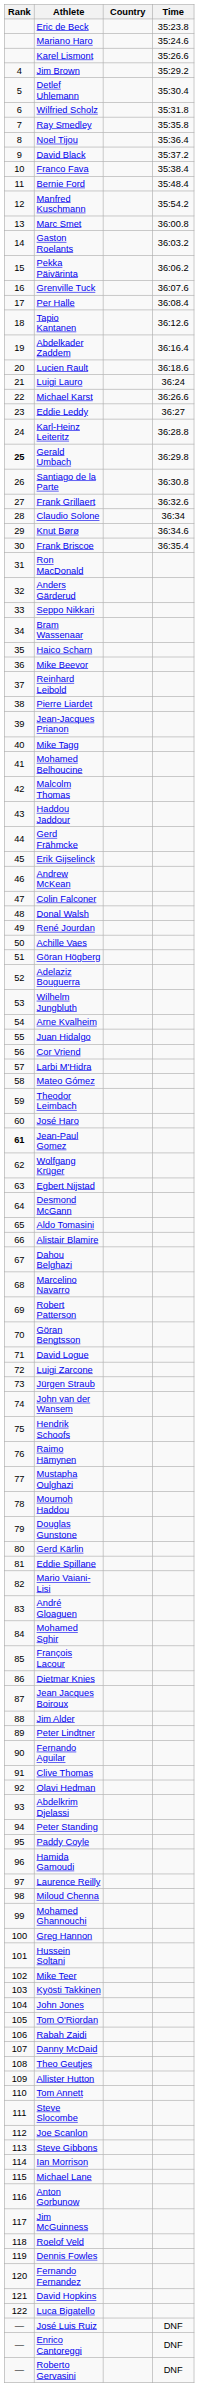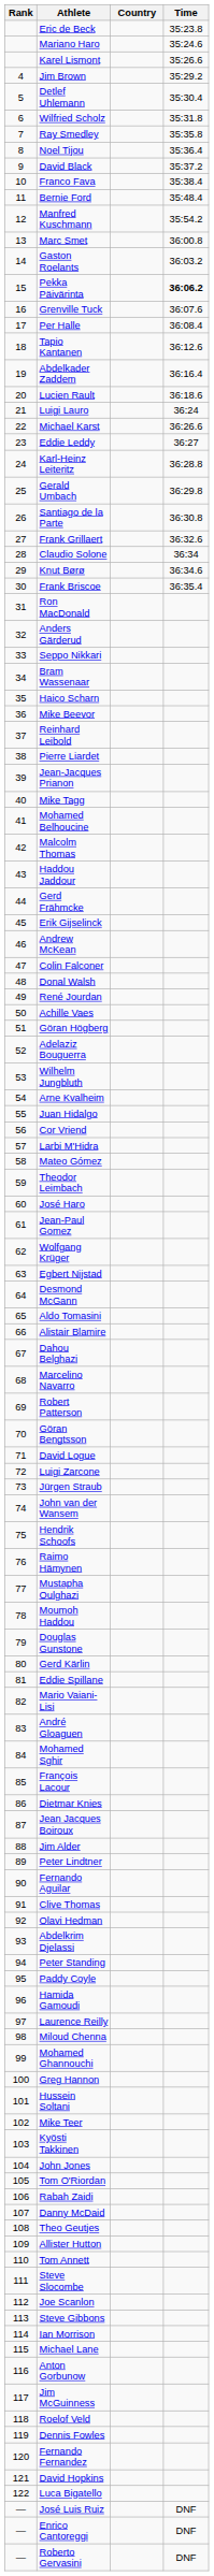 <table class="wikitable sortable" style=" text-align:center; font-size:95%;" width="50%">
 <tr>
 <th width=5%>Rank</th>
 <th width=20%>Athlete</th>
 <th width=15%>Country</th>
 <th width=10%>Time</th>
 </tr>
 <tr>
 <td align=center></td>
 <td align=left><a href='#'>Eric de Beck</a></td>
 <td align=left></td>
 <td>35:23.8</td>
 </tr>
 <tr>
 <td align=center></td>
 <td align=left><a href='#'>Mariano Haro</a></td>
 <td align=left></td>
 <td>35:24.6</td>
 </tr>
 <tr>
 <td align=center></td>
 <td align=left><a href='#'>Karel Lismont</a></td>
 <td align=left></td>
 <td>35:26.6</td>
 </tr>
 <tr>
 <td align=center>4</td>
 <td align=left><a href='#'>Jim Brown</a></td>
 <td align=left></td>
 <td>35:29.2</td>
 </tr>
 <tr>
 <td align=center>5</td>
 <td align=left><a href='#'>Detlef Uhlemann</a></td>
 <td align=left></td>
 <td>35:30.4</td>
 </tr>
 <tr>
 <td align=center>6</td>
 <td align=left><a href='#'>Wilfried Scholz</a></td>
 <td align=left></td>
 <td>35:31.8</td>
 </tr>
 <tr>
 <td align=center>7</td>
 <td align=left><a href='#'>Ray Smedley</a></td>
 <td align=left></td>
 <td>35:35.8</td>
 </tr>
 <tr>
 <td align=center>8</td>
 <td align=left><a href='#'>Noel Tijou</a></td>
 <td align=left></td>
 <td>35:36.4</td>
 </tr>
 <tr>
 <td align=center>9</td>
 <td align=left><a href='#'>David Black</a></td>
 <td align=left></td>
 <td>35:37.2</td>
 </tr>
 <tr>
 <td align=center>10</td>
 <td align=left><a href='#'>Franco Fava</a></td>
 <td align=left></td>
 <td>35:38.4</td>
 </tr>
 <tr>
 <td align=center>11</td>
 <td align=left><a href='#'>Bernie Ford</a></td>
 <td align=left></td>
 <td>35:48.4</td>
 </tr>
 <tr>
 <td align=center>12</td>
 <td align=left><a href='#'>Manfred Kuschmann</a></td>
 <td align=left></td>
 <td>35:54.2</td>
 </tr>
 <tr>
 <td align=center>13</td>
 <td align=left><a href='#'>Marc Smet</a></td>
 <td align=left></td>
 <td>36:00.8</td>
 </tr>
 <tr>
 <td align=center>14</td>
 <td align=left><a href='#'>Gaston Roelants</a></td>
 <td align=left></td>
 <td>36:03.2</td>
 </tr>
 <tr>
 <td align=center>15</td>
 <td align=left><a href='#'>Pekka Päivärinta</a></td>
 <td align=left></td>
-<td>36:06.2</td>
+<td><strong>36:06.2</strong></td>
 </tr>
 <tr>
 <td align=center>16</td>
 <td align=left><a href='#'>Grenville Tuck</a></td>
 <td align=left></td>
 <td>36:07.6</td>
 </tr>
 <tr>
 <td align=center>17</td>
 <td align=left><a href='#'>Per Halle</a></td>
 <td align=left></td>
 <td>36:08.4</td>
 </tr>
 <tr>
 <td align=center>18</td>
 <td align=left><a href='#'>Tapio Kantanen</a></td>
 <td align=left></td>
 <td>36:12.6</td>
 </tr>
 <tr>
 <td align=center>19</td>
 <td align=left><a href='#'>Abdelkader Zaddem</a></td>
 <td align=left></td>
 <td>36:16.4</td>
 </tr>
 <tr>
 <td align=center>20</td>
 <td align=left><a href='#'>Lucien Rault</a></td>
 <td align=left></td>
 <td>36:18.6</td>
 </tr>
 <tr>
 <td align=center>21</td>
 <td align=left><a href='#'>Luigi Lauro</a></td>
 <td align=left></td>
 <td>36:24</td>
 </tr>
 <tr>
 <td align=center>22</td>
 <td align=left><a href='#'>Michael Karst</a></td>
 <td align=left></td>
 <td>36:26.6</td>
 </tr>
 <tr>
 <td align=center>23</td>
 <td align=left><a href='#'>Eddie Leddy</a></td>
 <td align=left></td>
 <td>36:27</td>
 </tr>
 <tr>
 <td align=center>24</td>
 <td align=left><a href='#'>Karl-Heinz Leiteritz</a></td>
 <td align=left></td>
 <td>36:28.8</td>
 </tr>
 <tr>
-<td align=center><strong>25</strong></td>
+<td align=center>25</td>
 <td align=left><a href='#'>Gerald Umbach</a></td>
 <td align=left></td>
 <td>36:29.8</td>
 </tr>
 <tr>
 <td align=center>26</td>
 <td align=left><a href='#'>Santiago de la Parte</a></td>
 <td align=left></td>
 <td>36:30.8</td>
 </tr>
 <tr>
 <td align=center>27</td>
 <td align=left><a href='#'>Frank Grillaert</a></td>
 <td align=left></td>
 <td>36:32.6</td>
 </tr>
 <tr>
 <td align=center>28</td>
 <td align=left><a href='#'>Claudio Solone</a></td>
 <td align=left></td>
 <td>36:34</td>
 </tr>
 <tr>
 <td align=center>29</td>
 <td align=left><a href='#'>Knut Børø</a></td>
 <td align=left></td>
 <td>36:34.6</td>
 </tr>
 <tr>
 <td align=center>30</td>
 <td align=left><a href='#'>Frank Briscoe</a></td>
 <td align=left></td>
 <td>36:35.4</td>
 </tr>
 <tr>
 <td align=center>31</td>
 <td align=left><a href='#'>Ron MacDonald</a></td>
 <td align=left></td>
 <td></td>
 </tr>
 <tr>
 <td align=center>32</td>
 <td align=left><a href='#'>Anders Gärderud</a></td>
 <td align=left></td>
 <td></td>
 </tr>
 <tr>
 <td align=center>33</td>
 <td align=left><a href='#'>Seppo Nikkari</a></td>
 <td align=left></td>
 <td></td>
 </tr>
 <tr>
 <td align=center>34</td>
 <td align=left><a href='#'>Bram Wassenaar</a></td>
 <td align=left></td>
 <td></td>
 </tr>
 <tr>
 <td align=center>35</td>
 <td align=left><a href='#'>Haico Scharn</a></td>
 <td align=left></td>
 <td></td>
 </tr>
 <tr>
 <td align=center>36</td>
 <td align=left><a href='#'>Mike Beevor</a></td>
 <td align=left></td>
 <td></td>
 </tr>
 <tr>
 <td align=center>37</td>
 <td align=left><a href='#'>Reinhard Leibold</a></td>
 <td align=left></td>
 <td></td>
 </tr>
 <tr>
 <td align=center>38</td>
 <td align=left><a href='#'>Pierre Liardet</a></td>
 <td align=left></td>
 <td></td>
 </tr>
 <tr>
 <td align=center>39</td>
 <td align=left><a href='#'>Jean-Jacques Prianon</a></td>
 <td align=left></td>
 <td></td>
 </tr>
 <tr>
 <td align=center>40</td>
 <td align=left><a href='#'>Mike Tagg</a></td>
 <td align=left></td>
 <td></td>
 </tr>
 <tr>
 <td align=center>41</td>
 <td align=left><a href='#'>Mohamed Belhoucine</a></td>
 <td align=left></td>
 <td></td>
 </tr>
 <tr>
 <td align=center>42</td>
 <td align=left><a href='#'>Malcolm Thomas</a></td>
 <td align=left></td>
 <td></td>
 </tr>
 <tr>
 <td align=center>43</td>
 <td align=left><a href='#'>Haddou Jaddour</a></td>
 <td align=left></td>
 <td></td>
 </tr>
 <tr>
 <td align=center>44</td>
 <td align=left><a href='#'>Gerd Frähmcke</a></td>
 <td align=left></td>
 <td></td>
 </tr>
 <tr>
 <td align=center>45</td>
 <td align=left><a href='#'>Erik Gijselinck</a></td>
 <td align=left></td>
 <td></td>
 </tr>
 <tr>
 <td align=center>46</td>
 <td align=left><a href='#'>Andrew McKean</a></td>
 <td align=left></td>
 <td></td>
 </tr>
 <tr>
 <td align=center>47</td>
 <td align=left><a href='#'>Colin Falconer</a></td>
 <td align=left></td>
 <td></td>
 </tr>
 <tr>
 <td align=center>48</td>
 <td align=left><a href='#'>Donal Walsh</a></td>
 <td align=left></td>
 <td></td>
 </tr>
 <tr>
 <td align=center>49</td>
 <td align=left><a href='#'>René Jourdan</a></td>
 <td align=left></td>
 <td></td>
 </tr>
 <tr>
 <td align=center>50</td>
 <td align=left><a href='#'>Achille Vaes</a></td>
 <td align=left></td>
 <td></td>
 </tr>
 <tr>
 <td align=center>51</td>
 <td align=left><a href='#'>Göran Högberg</a></td>
 <td align=left></td>
 <td></td>
 </tr>
 <tr>
 <td align=center>52</td>
 <td align=left><a href='#'>Adelaziz Bouguerra</a></td>
 <td align=left></td>
 <td></td>
 </tr>
 <tr>
 <td align=center>53</td>
 <td align=left><a href='#'>Wilhelm Jungbluth</a></td>
 <td align=left></td>
 <td></td>
 </tr>
 <tr>
 <td align=center>54</td>
 <td align=left><a href='#'>Arne Kvalheim</a></td>
 <td align=left></td>
 <td></td>
 </tr>
 <tr>
 <td align=center>55</td>
 <td align=left><a href='#'>Juan Hidalgo</a></td>
 <td align=left></td>
 <td></td>
 </tr>
 <tr>
 <td align=center>56</td>
 <td align=left><a href='#'>Cor Vriend</a></td>
 <td align=left></td>
 <td></td>
 </tr>
 <tr>
 <td align=center>57</td>
 <td align=left><a href='#'>Larbi M'Hidra</a></td>
 <td align=left></td>
 <td></td>
 </tr>
 <tr>
 <td align=center>58</td>
 <td align=left><a href='#'>Mateo Gómez</a></td>
 <td align=left></td>
 <td></td>
 </tr>
 <tr>
 <td align=center>59</td>
 <td align=left><a href='#'>Theodor Leimbach</a></td>
 <td align=left></td>
 <td></td>
 </tr>
 <tr>
 <td align=center>60</td>
 <td align=left><a href='#'>José Haro</a></td>
 <td align=left></td>
 <td></td>
 </tr>
 <tr>
-<td align=center><strong>61</strong></td>
+<td align=center>61</td>
 <td align=left><a href='#'>Jean-Paul Gomez</a></td>
 <td align=left></td>
 <td></td>
 </tr>
 <tr>
 <td align=center>62</td>
 <td align=left><a href='#'>Wolfgang Krüger</a></td>
 <td align=left></td>
 <td></td>
 </tr>
 <tr>
 <td align=center>63</td>
 <td align=left><a href='#'>Egbert Nijstad</a></td>
 <td align=left></td>
 <td></td>
 </tr>
 <tr>
 <td align=center>64</td>
 <td align=left><a href='#'>Desmond McGann</a></td>
 <td align=left></td>
 <td></td>
 </tr>
 <tr>
 <td align=center>65</td>
 <td align=left><a href='#'>Aldo Tomasini</a></td>
 <td align=left></td>
 <td></td>
 </tr>
 <tr>
 <td align=center>66</td>
 <td align=left><a href='#'>Alistair Blamire</a></td>
 <td align=left></td>
 <td></td>
 </tr>
 <tr>
 <td align=center>67</td>
 <td align=left><a href='#'>Dahou Belghazi</a></td>
 <td align=left></td>
 <td></td>
 </tr>
 <tr>
 <td align=center>68</td>
 <td align=left><a href='#'>Marcelino Navarro</a></td>
 <td align=left></td>
 <td></td>
 </tr>
 <tr>
 <td align=center>69</td>
 <td align=left><a href='#'>Robert Patterson</a></td>
 <td align=left></td>
 <td></td>
 </tr>
 <tr>
 <td align=center>70</td>
 <td align=left><a href='#'>Göran Bengtsson</a></td>
 <td align=left></td>
 <td></td>
 </tr>
 <tr>
 <td align=center>71</td>
 <td align=left><a href='#'>David Logue</a></td>
 <td align=left></td>
 <td></td>
 </tr>
 <tr>
 <td align=center>72</td>
 <td align=left><a href='#'>Luigi Zarcone</a></td>
 <td align=left></td>
 <td></td>
 </tr>
 <tr>
 <td align=center>73</td>
 <td align=left><a href='#'>Jürgen Straub</a></td>
 <td align=left></td>
 <td></td>
 </tr>
 <tr>
 <td align=center>74</td>
 <td align=left><a href='#'>John van der Wansem</a></td>
 <td align=left></td>
 <td></td>
 </tr>
 <tr>
 <td align=center>75</td>
 <td align=left><a href='#'>Hendrik Schoofs</a></td>
 <td align=left></td>
 <td></td>
 </tr>
 <tr>
 <td align=center>76</td>
 <td align=left><a href='#'>Raimo Hämynen</a></td>
 <td align=left></td>
 <td></td>
 </tr>
 <tr>
 <td align=center>77</td>
 <td align=left><a href='#'>Mustapha Oulghazi</a></td>
 <td align=left></td>
 <td></td>
 </tr>
 <tr>
 <td align=center>78</td>
 <td align=left><a href='#'>Moumoh Haddou</a></td>
 <td align=left></td>
 <td></td>
 </tr>
 <tr>
 <td align=center>79</td>
 <td align=left><a href='#'>Douglas Gunstone</a></td>
 <td align=left></td>
 <td></td>
 </tr>
 <tr>
 <td align=center>80</td>
 <td align=left><a href='#'>Gerd Kärlin</a></td>
 <td align=left></td>
 <td></td>
 </tr>
 <tr>
 <td align=center>81</td>
 <td align=left><a href='#'>Eddie Spillane</a></td>
 <td align=left></td>
 <td></td>
 </tr>
 <tr>
 <td align=center>82</td>
 <td align=left><a href='#'>Mario Vaiani-Lisi</a></td>
 <td align=left></td>
 <td></td>
 </tr>
 <tr>
 <td align=center>83</td>
 <td align=left><a href='#'>André Gloaguen</a></td>
 <td align=left></td>
 <td></td>
 </tr>
 <tr>
 <td align=center>84</td>
 <td align=left><a href='#'>Mohamed Sghir</a></td>
 <td align=left></td>
 <td></td>
 </tr>
 <tr>
 <td align=center>85</td>
 <td align=left><a href='#'>François Lacour</a></td>
 <td align=left></td>
 <td></td>
 </tr>
 <tr>
 <td align=center>86</td>
 <td align=left><a href='#'>Dietmar Knies</a></td>
 <td align=left></td>
 <td></td>
 </tr>
 <tr>
 <td align=center>87</td>
 <td align=left><a href='#'>Jean Jacques Boiroux</a></td>
 <td align=left></td>
 <td></td>
 </tr>
 <tr>
 <td align=center>88</td>
 <td align=left><a href='#'>Jim Alder</a></td>
 <td align=left></td>
 <td></td>
 </tr>
 <tr>
 <td align=center>89</td>
 <td align=left><a href='#'>Peter Lindtner</a></td>
 <td align=left></td>
 <td></td>
 </tr>
 <tr>
 <td align=center>90</td>
 <td align=left><a href='#'>Fernando Aguilar</a></td>
 <td align=left></td>
 <td></td>
 </tr>
 <tr>
 <td align=center>91</td>
 <td align=left><a href='#'>Clive Thomas</a></td>
 <td align=left></td>
 <td></td>
 </tr>
 <tr>
 <td align=center>92</td>
 <td align=left><a href='#'>Olavi Hedman</a></td>
 <td align=left></td>
 <td></td>
 </tr>
 <tr>
 <td align=center>93</td>
 <td align=left><a href='#'>Abdelkrim Djelassi</a></td>
 <td align=left></td>
 <td></td>
 </tr>
 <tr>
 <td align=center>94</td>
 <td align=left><a href='#'>Peter Standing</a></td>
 <td align=left></td>
 <td></td>
 </tr>
 <tr>
 <td align=center>95</td>
 <td align=left><a href='#'>Paddy Coyle</a></td>
 <td align=left></td>
 <td></td>
 </tr>
 <tr>
 <td align=center>96</td>
 <td align=left><a href='#'>Hamida Gamoudi</a></td>
 <td align=left></td>
 <td></td>
 </tr>
 <tr>
 <td align=center>97</td>
 <td align=left><a href='#'>Laurence Reilly</a></td>
 <td align=left></td>
 <td></td>
 </tr>
 <tr>
 <td align=center>98</td>
 <td align=left><a href='#'>Miloud Chenna</a></td>
 <td align=left></td>
 <td></td>
 </tr>
 <tr>
 <td align=center>99</td>
 <td align=left><a href='#'>Mohamed Ghannouchi</a></td>
 <td align=left></td>
 <td></td>
 </tr>
 <tr>
 <td align=center>100</td>
 <td align=left><a href='#'>Greg Hannon</a></td>
 <td align=left></td>
 <td></td>
 </tr>
 <tr>
 <td align=center>101</td>
 <td align=left><a href='#'>Hussein Soltani</a></td>
 <td align=left></td>
 <td></td>
 </tr>
 <tr>
 <td align=center>102</td>
 <td align=left><a href='#'>Mike Teer</a></td>
 <td align=left></td>
 <td></td>
 </tr>
 <tr>
 <td align=center>103</td>
 <td align=left><a href='#'>Kyösti Takkinen</a></td>
 <td align=left></td>
 <td></td>
 </tr>
 <tr>
 <td align=center>104</td>
 <td align=left><a href='#'>John Jones</a></td>
 <td align=left></td>
 <td></td>
 </tr>
 <tr>
 <td align=center>105</td>
 <td align=left><a href='#'>Tom O'Riordan</a></td>
 <td align=left></td>
 <td></td>
 </tr>
 <tr>
 <td align=center>106</td>
 <td align=left><a href='#'>Rabah Zaidi</a></td>
 <td align=left></td>
 <td></td>
 </tr>
 <tr>
 <td align=center>107</td>
 <td align=left><a href='#'>Danny McDaid</a></td>
 <td align=left></td>
 <td></td>
 </tr>
 <tr>
 <td align=center>108</td>
 <td align=left><a href='#'>Theo Geutjes</a></td>
 <td align=left></td>
 <td></td>
 </tr>
 <tr>
 <td align=center>109</td>
 <td align=left><a href='#'>Allister Hutton</a></td>
 <td align=left></td>
 <td></td>
 </tr>
 <tr>
 <td align=center>110</td>
 <td align=left><a href='#'>Tom Annett</a></td>
 <td align=left></td>
 <td></td>
 </tr>
 <tr>
 <td align=center>111</td>
 <td align=left><a href='#'>Steve Slocombe</a></td>
 <td align=left></td>
 <td></td>
 </tr>
 <tr>
 <td align=center>112</td>
 <td align=left><a href='#'>Joe Scanlon</a></td>
 <td align=left></td>
 <td></td>
 </tr>
 <tr>
 <td align=center>113</td>
 <td align=left><a href='#'>Steve Gibbons</a></td>
 <td align=left></td>
 <td></td>
 </tr>
 <tr>
 <td align=center>114</td>
 <td align=left><a href='#'>Ian Morrison</a></td>
 <td align=left></td>
 <td></td>
 </tr>
 <tr>
 <td align=center>115</td>
 <td align=left><a href='#'>Michael Lane</a></td>
 <td align=left></td>
 <td></td>
 </tr>
 <tr>
 <td align=center>116</td>
 <td align=left><a href='#'>Anton Gorbunow</a></td>
 <td align=left></td>
 <td></td>
 </tr>
 <tr>
 <td align=center>117</td>
 <td align=left><a href='#'>Jim McGuinness</a></td>
 <td align=left></td>
 <td></td>
 </tr>
 <tr>
 <td align=center>118</td>
 <td align=left><a href='#'>Roelof Veld</a></td>
 <td align=left></td>
 <td></td>
 </tr>
 <tr>
 <td align=center>119</td>
 <td align=left><a href='#'>Dennis Fowles</a></td>
 <td align=left></td>
 <td></td>
 </tr>
 <tr>
 <td align=center>120</td>
 <td align=left><a href='#'>Fernando Fernandez</a></td>
 <td align=left></td>
 <td></td>
 </tr>
 <tr>
 <td align=center>121</td>
 <td align=left><a href='#'>David Hopkins</a></td>
 <td align=left></td>
 <td></td>
 </tr>
 <tr>
 <td align=center>122</td>
 <td align=left><a href='#'>Luca Bigatello</a></td>
 <td align=left></td>
 <td></td>
 </tr>
 <tr>
 <td align=center>—</td>
 <td align=left><a href='#'>José Luis Ruiz</a></td>
 <td align=left></td>
 <td>DNF</td>
 </tr>
 <tr>
 <td align=center>—</td>
 <td align=left><a href='#'>Enrico Cantoreggi</a></td>
 <td align=left></td>
 <td>DNF</td>
 </tr>
 <tr>
 <td align=center>—</td>
 <td align=left><a href='#'>Roberto Gervasini</a></td>
 <td align=left></td>
 <td>DNF</td>
 </tr>
 </table>
